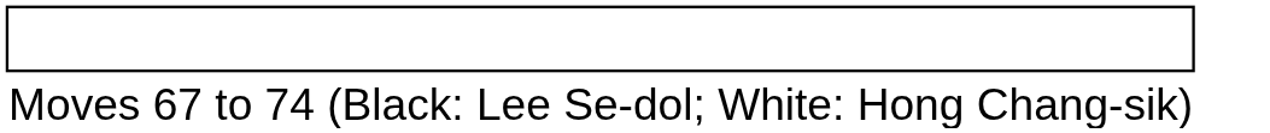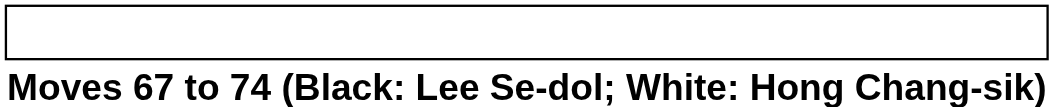 <table style="margin:1em;">
 <tr>
 <td style="border: solid thin; padding: 2px;"><br></td>
 </tr>
 <tr>
-<td style="text-align:center">Moves 67 to 74 (Black: Lee Se-dol; White: Hong Chang-sik)</td>
+<td style="text-align:center"><strong>Moves 67 to 74 (Black: Lee Se-dol; White: Hong Chang-sik)</strong></td>
 </tr>
 </table>
